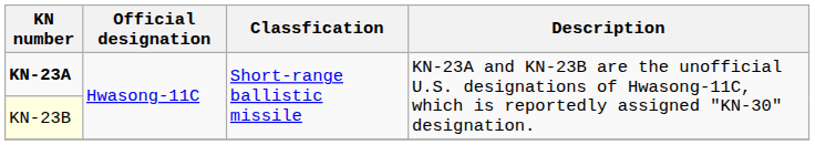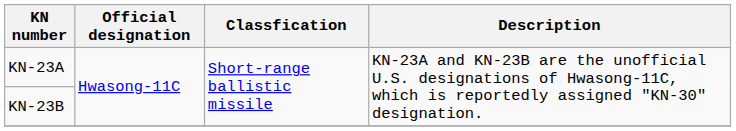 <table class="wikitable">
 <tr>
 <th scope="col">KN number</th>
 <th scope="col">Official designation</th>
 <th scope="col">Classfication</th>
 <th scope="col">Description</th>
 </tr>
 <tr>
-<td><strong>KN-23A</strong></td>
+<td>KN-23A</td>
 <td rowspan="2"><a href='#'>Hwasong-11C</a></td>
 <td rowspan="2"><a href='#'>Short-range ballistic missile</a></td>
 <td rowspan="2">KN-23A and KN-23B are the unofficial U.S. designations of Hwasong-11C, which is reportedly assigned "KN-30" designation.</td>
 </tr>
 <tr>
-<td style="background: lightyellow;">KN-23B</td>
+<td>KN-23B</td>
 </tr>
 <tr>
 </tr>
 </table>
